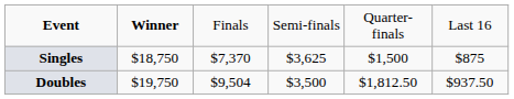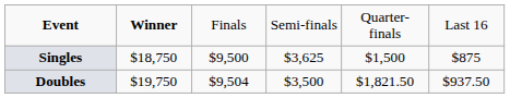 <table class=wikitable style="font-size:90%;text-align:center">
 <tr>
 <td style="width:104px;"><strong>Event</strong></td>
 <td style="width:68px;"><strong>Winner</strong></td>
 <td style="width:68px;">Finals</td>
 <td style="width:68px;">Semi-finals</td>
 <td style="width:80px;">Quarter-finals</td>
 <td style="width:68px;">Last 16</td>
 </tr>
 <tr>
 <td style="background:#dfe2e9;"><strong>Singles</strong></td>
 <td>$18,750</td>
-<td>$7,370</td>
+<td>$9,500</td>
 <td>$3,625</td>
 <td>$1,500</td>
 <td>$875</td>
 </tr>
 <tr>
 <td style="background:#dfe2e9;"><strong>Doubles</strong></td>
 <td>$19,750</td>
 <td>$9,504</td>
 <td>$3,500</td>
-<td>$1,812.50</td>
+<td>$1,821.50</td>
 <td>$937.50</td>
 </tr>
 </table>
